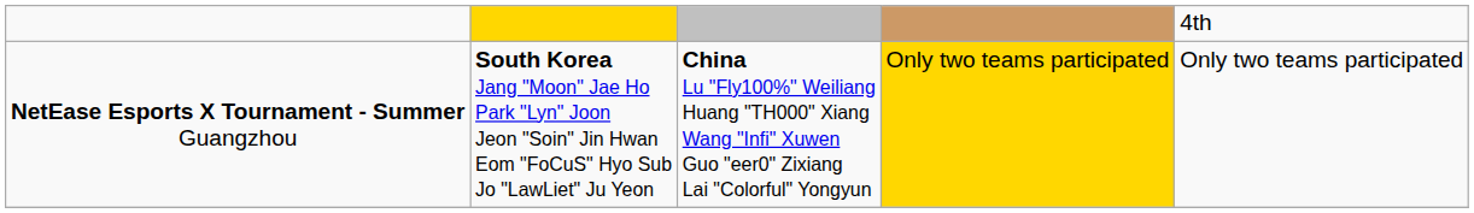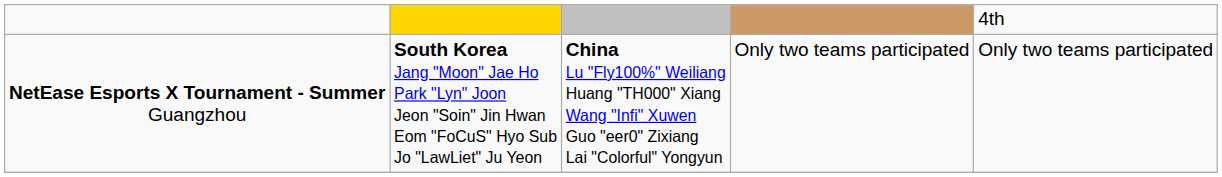 <table class="wikitable" style="text-align:left">
 <tr>
 <td style="text-align:center"></td>
 <td style="text-align:center; background:gold;"></td>
 <td style="text-align:center; background:silver;"></td>
 <td style="text-align:center; background:#c96;"></td>
 <td>4th</td>
 </tr>
 <tr>
 <td style="text-align:center"><strong>NetEase Esports X Tournament - Summer</strong><br> Guangzhou</td>
 <td style="vertical-align:top"> <strong>South Korea</strong><br><small> <a href='#'>Jang "Moon" Jae Ho</a><br> <a href='#'>Park "Lyn" Joon</a> <br> Jeon "Soin" Jin Hwan <br> Eom "FoCuS" Hyo Sub <br> Jo "LawLiet" Ju Yeon <br></small></td>
 <td style="vertical-align:top"> <strong>China</strong><br><small> <a href='#'>Lu "Fly100%" Weiliang</a><br> Huang "TH000" Xiang <br> <a href='#'>Wang "Infi" Xuwen</a> <br> Guo "eer0" Zixiang <br> Lai "Colorful" Yongyun <br></small></td>
-<td style="background: gold; vertical-align:top">Only two teams participated</td>
+<td style="vertical-align:top">Only two teams participated</td>
 <td style="vertical-align:top">Only two teams participated</td>
 </tr>
 <tr>
 </tr>
 </table>
